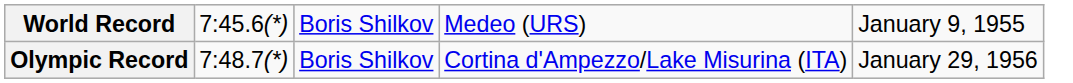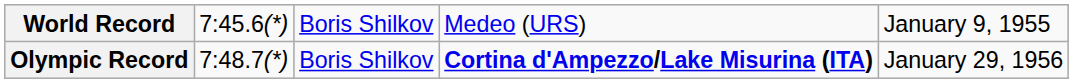 <table class="wikitable" style="font-size:95%;">
 <tr>
 <th>World Record</th>
 <td>7:45.6<em>(*)</em></td>
 <td> <a href='#'>Boris Shilkov</a></td>
 <td><a href='#'>Medeo</a> (<a href='#'>URS</a>)</td>
 <td>January 9, 1955</td>
 </tr>
 <tr>
 <th>Olympic Record</th>
 <td>7:48.7<em>(*)</em></td>
 <td> <a href='#'>Boris Shilkov</a></td>
-<td><a href='#'>Cortina d'Ampezzo</a>/<a href='#'>Lake Misurina</a> (<a href='#'>ITA</a>)</td>
+<td><strong><a href='#'>Cortina d'Ampezzo</a>/<a href='#'>Lake Misurina</a> (<a href='#'>ITA</a>)</strong></td>
 <td>January 29, 1956</td>
 </tr>
 </table>
